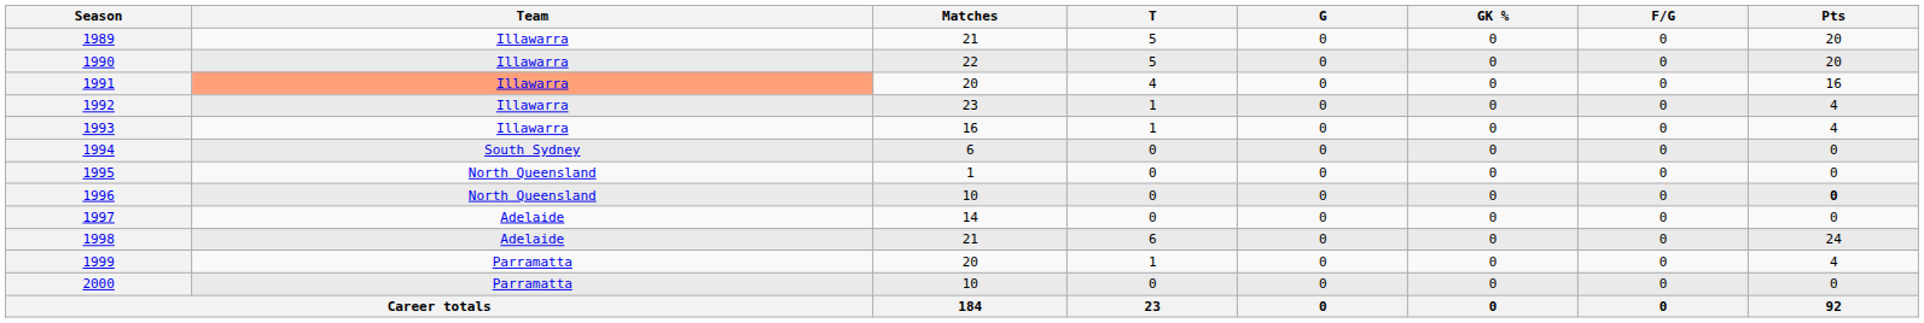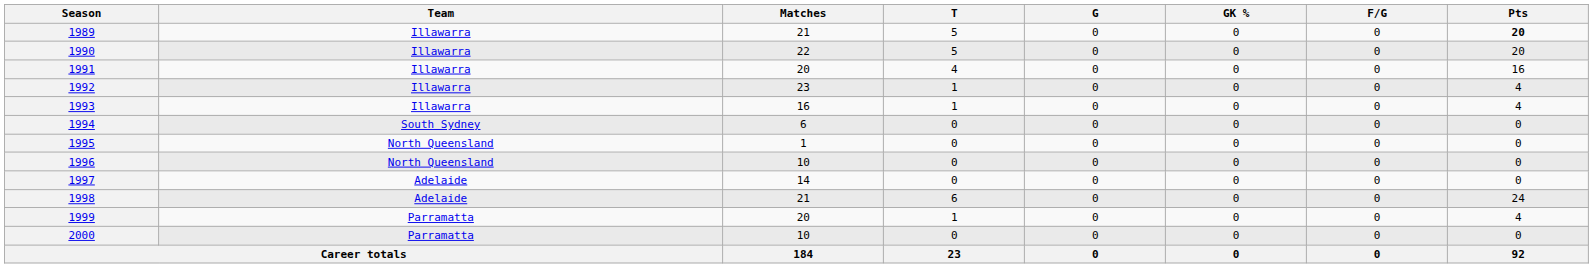 <table class="wikitable sortable"  style="font-size:90%; text-align:center; width:85%;">
 <tr>
 <th width=2%>Season</th>
 <th width=8%>Team</th>
 <th width=2%>Matches</th>
 <th width=2%>T</th>
 <th width=2%>G</th>
 <th width=2%>GK %</th>
 <th width=2%>F/G</th>
 <th width=2%>Pts</th>
 </tr>
 <tr>
 <th scope="row" style="text-align:center; font-weight:normal"><a href='#'>1989</a></th>
 <td style="text-align:center;"> <a href='#'>Illawarra</a></td>
 <td>21</td>
 <td>5</td>
 <td>0</td>
 <td>0</td>
 <td>0</td>
-<td>20</td>
+<td><strong>20</strong></td>
 </tr>
 <tr style="background-color: #EAEAEA">
 <th scope="row" style="text-align:center; font-weight:normal"><a href='#'>1990</a></th>
 <td style="text-align:center;"> <a href='#'>Illawarra</a></td>
 <td>22</td>
 <td>5</td>
 <td>0</td>
 <td>0</td>
 <td>0</td>
 <td>20</td>
 </tr>
 <tr>
 <th scope="row" style="text-align:center; font-weight:normal"><a href='#'>1991</a></th>
-<td style="background: lightsalmon; text-align:center;"> <a href='#'>Illawarra</a></td>
+<td style="text-align:center;"> <a href='#'>Illawarra</a></td>
 <td>20</td>
 <td>4</td>
 <td>0</td>
 <td>0</td>
 <td>0</td>
 <td>16</td>
 </tr>
 <tr style="background-color: #EAEAEA">
 <th scope="row" style="text-align:center; font-weight:normal"><a href='#'>1992</a></th>
 <td style="text-align:center;"> <a href='#'>Illawarra</a></td>
 <td>23</td>
 <td>1</td>
 <td>0</td>
 <td>0</td>
 <td>0</td>
 <td>4</td>
 </tr>
 <tr>
 <th scope="row" style="text-align:center; font-weight:normal"><a href='#'>1993</a></th>
 <td style="text-align:center;"> <a href='#'>Illawarra</a></td>
 <td>16</td>
 <td>1</td>
 <td>0</td>
 <td>0</td>
 <td>0</td>
 <td>4</td>
 </tr>
 <tr style="background-color: #EAEAEA">
 <th scope="row" style="text-align:center; font-weight:normal"><a href='#'>1994</a></th>
 <td style="text-align:center;"> <a href='#'>South Sydney</a></td>
 <td>6</td>
 <td>0</td>
 <td>0</td>
 <td>0</td>
 <td>0</td>
 <td>0</td>
 </tr>
 <tr>
 <th scope="row" style="text-align:center; font-weight:normal"><a href='#'>1995</a></th>
 <td style="text-align:center;"> <a href='#'>North Queensland</a></td>
 <td>1</td>
 <td>0</td>
 <td>0</td>
 <td>0</td>
 <td>0</td>
 <td>0</td>
 </tr>
 <tr style="background-color: #EAEAEA">
 <th scope="row" style="text-align:center; font-weight:normal"><a href='#'>1996</a></th>
 <td style="text-align:center;"> <a href='#'>North Queensland</a></td>
 <td>10</td>
 <td>0</td>
 <td>0</td>
 <td>0</td>
 <td>0</td>
-<td><strong>0</strong></td>
+<td>0</td>
 </tr>
 <tr>
 <th scope="row" style="text-align:center; font-weight:normal"><a href='#'>1997</a></th>
 <td style="text-align:center;"> <a href='#'>Adelaide</a></td>
 <td>14</td>
 <td>0</td>
 <td>0</td>
 <td>0</td>
 <td>0</td>
 <td>0</td>
 </tr>
 <tr style="background-color: #EAEAEA">
 <th scope="row" style="text-align:center; font-weight:normal"><a href='#'>1998</a></th>
 <td style="text-align:center;"> <a href='#'>Adelaide</a></td>
 <td>21</td>
 <td>6</td>
 <td>0</td>
 <td>0</td>
 <td>0</td>
 <td>24</td>
 </tr>
 <tr>
 <th scope="row" style="text-align:center; font-weight:normal"><a href='#'>1999</a></th>
 <td style="text-align:center;"> <a href='#'>Parramatta</a></td>
 <td>20</td>
 <td>1</td>
 <td>0</td>
 <td>0</td>
 <td>0</td>
 <td>4</td>
 </tr>
 <tr style="background-color: #EAEAEA">
 <th scope="row" style="text-align:center; font-weight:normal"><a href='#'>2000</a></th>
 <td style="text-align:center;"> <a href='#'>Parramatta</a></td>
 <td>10</td>
 <td>0</td>
 <td>0</td>
 <td>0</td>
 <td>0</td>
 <td>0</td>
 </tr>
 <tr class="sortbottom">
 <th colspan=2>Career totals</th>
 <th>184</th>
 <th>23</th>
 <th>0</th>
 <th>0</th>
 <th>0</th>
 <th>92</th>
 </tr>
 </table>
